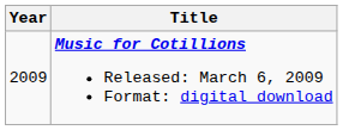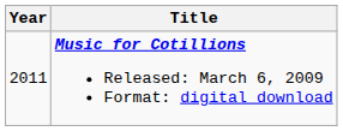 <table class="wikitable">
 <tr>
 <th>Year</th>
 <th>Title</th>
 </tr>
 <tr>
-<td>2009</td>
+<td>2011</td>
 <td><strong><em><a href='#'>Music for Cotillions</a></em></strong><br><ul><li>Released: March 6, 2009</li><li>Format: <a href='#'>digital download</a></li></ul></td>
 </tr>
 </table>
